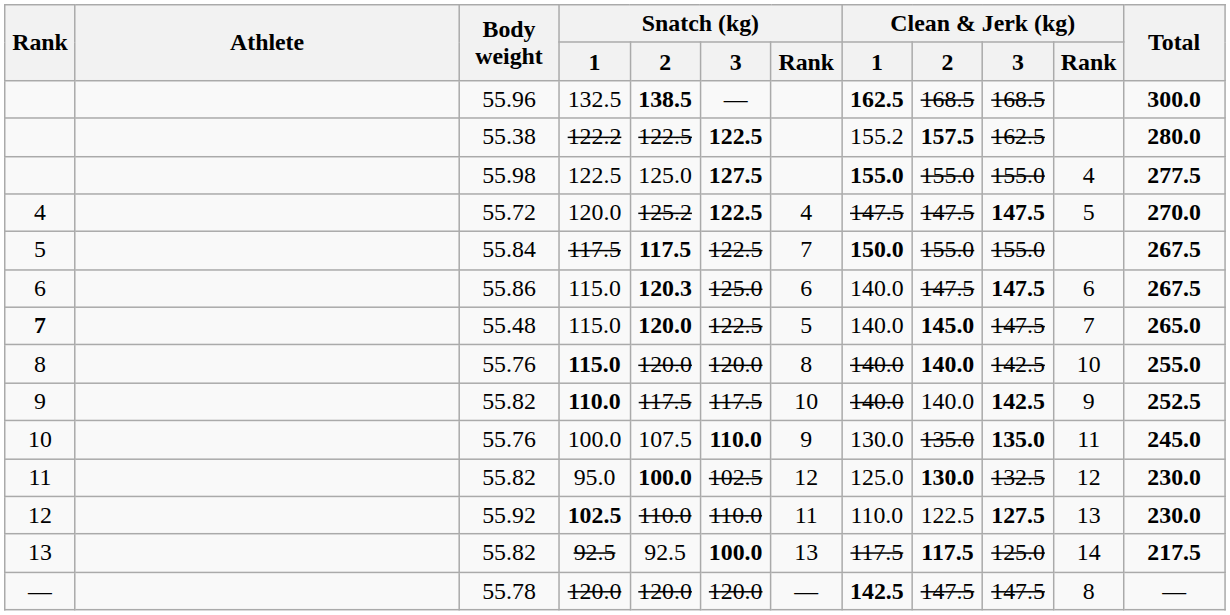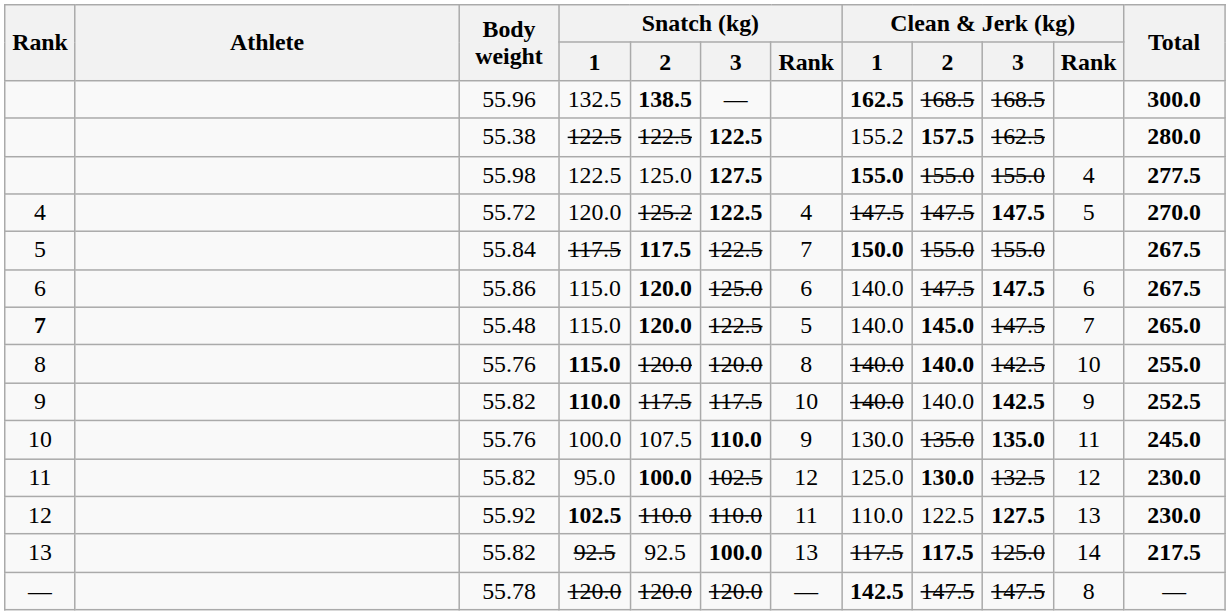 <table class = "wikitable" style="text-align:center;">
 <tr>
 <th rowspan=2 width=40>Rank</th>
 <th rowspan=2 width=250>Athlete</th>
 <th rowspan=2 width=60>Body weight</th>
 <th colspan=4>Snatch (kg)</th>
 <th colspan=4>Clean & Jerk (kg)</th>
 <th rowspan=2 width=60>Total</th>
 </tr>
 <tr>
 <th width=40>1</th>
 <th width=40>2</th>
 <th width=40>3</th>
 <th width=40>Rank</th>
 <th width=40>1</th>
 <th width=40>2</th>
 <th width=40>3</th>
 <th width=40>Rank</th>
 </tr>
 <tr>
 <td></td>
 <td align=left></td>
 <td>55.96</td>
 <td>132.5</td>
 <td><strong>138.5</strong></td>
 <td>—</td>
 <td></td>
 <td><strong>162.5</strong></td>
 <td><s>168.5 </s></td>
 <td><s>168.5 </s></td>
 <td></td>
 <td><strong>300.0</strong></td>
 </tr>
 <tr>
 <td></td>
 <td align=left></td>
 <td>55.38</td>
-<td><s>122.2 </s></td>
+<td><s>122.5 </s></td>
 <td><s>122.5 </s></td>
 <td><strong>122.5</strong></td>
 <td></td>
 <td>155.2</td>
 <td><strong>157.5</strong></td>
 <td><s>162.5 </s></td>
 <td></td>
 <td><strong>280.0</strong></td>
 </tr>
 <tr>
 <td></td>
 <td align=left></td>
 <td>55.98</td>
 <td>122.5</td>
 <td>125.0</td>
 <td><strong>127.5</strong></td>
 <td></td>
 <td><strong>155.0</strong></td>
 <td><s>155.0 </s></td>
 <td><s>155.0 </s></td>
 <td>4</td>
 <td><strong>277.5</strong></td>
 </tr>
 <tr>
 <td>4</td>
 <td align=left></td>
 <td>55.72</td>
 <td>120.0</td>
 <td><s>125.2 </s></td>
 <td><strong>122.5</strong></td>
 <td>4</td>
 <td><s>147.5 </s></td>
 <td><s>147.5 </s></td>
 <td><strong>147.5</strong></td>
 <td>5</td>
 <td><strong>270.0</strong></td>
 </tr>
 <tr>
 <td>5</td>
 <td align=left></td>
 <td>55.84</td>
 <td><s>117.5 </s></td>
 <td><strong>117.5</strong></td>
 <td><s>122.5 </s></td>
 <td>7</td>
 <td><strong>150.0</strong></td>
 <td><s>155.0 </s></td>
 <td><s>155.0 </s></td>
 <td></td>
 <td><strong>267.5</strong></td>
 </tr>
 <tr>
 <td>6</td>
 <td align=left></td>
 <td>55.86</td>
 <td>115.0</td>
-<td><strong>120.3</strong></td>
+<td><strong>120.0</strong></td>
 <td><s>125.0 </s></td>
 <td>6</td>
 <td>140.0</td>
 <td><s>147.5 </s></td>
 <td><strong>147.5</strong></td>
 <td>6</td>
 <td><strong>267.5</strong></td>
 </tr>
 <tr>
 <td><strong>7</strong></td>
 <td align=left></td>
 <td>55.48</td>
 <td>115.0</td>
 <td><strong>120.0</strong></td>
 <td><s>122.5 </s></td>
 <td>5</td>
 <td>140.0</td>
 <td><strong>145.0</strong></td>
 <td><s>147.5 </s></td>
 <td>7</td>
 <td><strong>265.0</strong></td>
 </tr>
 <tr>
 <td>8</td>
 <td align=left></td>
 <td>55.76</td>
 <td><strong>115.0</strong></td>
 <td><s>120.0 </s></td>
 <td><s>120.0 </s></td>
 <td>8</td>
 <td><s>140.0 </s></td>
 <td><strong>140.0</strong></td>
 <td><s>142.5 </s></td>
 <td>10</td>
 <td><strong>255.0</strong></td>
 </tr>
 <tr>
 <td>9</td>
 <td align=left></td>
 <td>55.82</td>
 <td><strong>110.0</strong></td>
 <td><s>117.5 </s></td>
 <td><s>117.5 </s></td>
 <td>10</td>
 <td><s>140.0 </s></td>
 <td>140.0</td>
 <td><strong>142.5</strong></td>
 <td>9</td>
 <td><strong>252.5</strong></td>
 </tr>
 <tr>
 <td>10</td>
 <td align=left></td>
 <td>55.76</td>
 <td>100.0</td>
 <td>107.5</td>
 <td><strong>110.0</strong></td>
 <td>9</td>
 <td>130.0</td>
 <td><s>135.0 </s></td>
 <td><strong>135.0</strong></td>
 <td>11</td>
 <td><strong>245.0</strong></td>
 </tr>
 <tr>
 <td>11</td>
 <td align=left></td>
 <td>55.82</td>
 <td>95.0</td>
 <td><strong>100.0</strong></td>
 <td><s>102.5 </s></td>
 <td>12</td>
 <td>125.0</td>
 <td><strong>130.0</strong></td>
 <td><s>132.5 </s></td>
 <td>12</td>
 <td><strong>230.0</strong></td>
 </tr>
 <tr>
 <td>12</td>
 <td align=left></td>
 <td>55.92</td>
 <td><strong>102.5</strong></td>
 <td><s>110.0 </s></td>
 <td><s>110.0 </s></td>
 <td>11</td>
 <td>110.0</td>
 <td>122.5</td>
 <td><strong>127.5</strong></td>
 <td>13</td>
 <td><strong>230.0</strong></td>
 </tr>
 <tr>
 <td>13</td>
 <td align=left></td>
 <td>55.82</td>
 <td><s>92.5 </s></td>
 <td>92.5</td>
 <td><strong>100.0</strong></td>
 <td>13</td>
 <td><s>117.5 </s></td>
 <td><strong>117.5</strong></td>
 <td><s>125.0 </s></td>
 <td>14</td>
 <td><strong>217.5</strong></td>
 </tr>
 <tr>
 <td>—</td>
 <td align=left></td>
 <td>55.78</td>
 <td><s>120.0 </s></td>
 <td><s>120.0 </s></td>
 <td><s>120.0 </s></td>
 <td>—</td>
 <td><strong>142.5</strong></td>
 <td><s>147.5 </s></td>
 <td><s>147.5 </s></td>
 <td>8</td>
 <td>—</td>
 </tr>
 </table>
